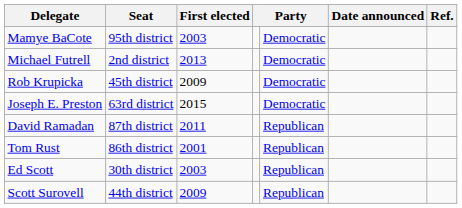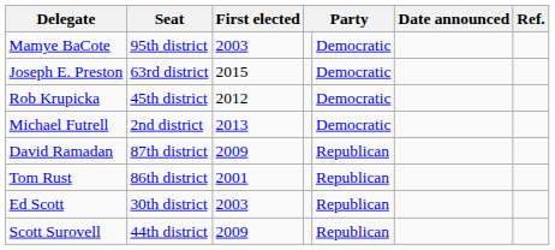 <table class="wikitable sortable" style="font-size:95%;">
 <tr>
 <th scope="col">Delegate</th>
 <th scope="col">Seat</th>
 <th scope="col">First elected</th>
 <th colspan="2" scope="col">Party</th>
 <th scope="col">Date announced</th>
 <th class="unsortable">Ref.</th>
 </tr>
 <tr>
 <td data-sort-value="BaCote, Mamye"><a href='#'>Mamye BaCote</a></td>
 <td data-sort-value="95"><a href='#'>95th district</a></td>
 <td><a href='#'>2003</a></td>
 <td width="1"></td>
 <td><a href='#'>Democratic</a></td>
 <td></td>
 <td></td>
 </tr>
 <tr>
+<td data-sort-value="Preston, Joseph E."><a href='#'>Joseph E. Preston</a></td>
+<td data-sort-value="63"><a href='#'>63rd district</a></td>
+<td>2015</td>
+<td width="1"></td>
+<td><a href='#'>Democratic</a></td>
+<td></td>
+<td></td>
+</tr>
+<tr>
+<td data-sort-value="Krupicka, Rob"><a href='#'>Rob Krupicka</a></td>
+<td data-sort-value="45"><a href='#'>45th district</a></td>
+<td>2012</td>
+<td width="1"></td>
+<td><a href='#'>Democratic</a></td>
+<td></td>
+<td></td>
+</tr>
+<tr>
 <td data-sort-value="Futrell, Michael"><a href='#'>Michael Futrell</a></td>
 <td data-sort-value="2"><a href='#'>2nd district</a></td>
 <td><a href='#'>2013</a></td>
 <td width="1"></td>
 <td><a href='#'>Democratic</a></td>
 <td></td>
 <td></td>
 </tr>
 <tr>
-<td data-sort-value="Krupicka, Rob"><a href='#'>Rob Krupicka</a></td>
-<td data-sort-value="45"><a href='#'>45th district</a></td>
-<td>2009</td>
-<td width="1"></td>
-<td><a href='#'>Democratic</a></td>
-<td></td>
-<td></td>
-</tr>
-<tr>
-<td data-sort-value="Preston, Joseph E."><a href='#'>Joseph E. Preston</a></td>
-<td data-sort-value="63"><a href='#'>63rd district</a></td>
-<td>2015</td>
-<td width="1"></td>
-<td><a href='#'>Democratic</a></td>
-<td></td>
-<td></td>
-</tr>
-<tr>
 <td data-sort-value="Ramadan, David"><a href='#'>David Ramadan</a></td>
 <td data-sort-value="67"><a href='#'>87th district</a></td>
-<td><a href='#'>2011</a></td>
+<td><a href='#'>2009</a></td>
 <td width="1"></td>
 <td><a href='#'>Republican</a></td>
 <td></td>
 <td></td>
 </tr>
 <tr>
 <td data-sort-value="Rust, Tom"><a href='#'>Tom Rust</a></td>
 <td data-sort-value="86"><a href='#'>86th district</a></td>
 <td><a href='#'>2001</a></td>
 <td width="1"></td>
 <td><a href='#'>Republican</a></td>
 <td></td>
 <td></td>
 </tr>
 <tr>
 <td data-sort-value="Scott, Ed"><a href='#'>Ed Scott</a></td>
 <td data-sort-value="30"><a href='#'>30th district</a></td>
 <td><a href='#'>2003</a></td>
 <td width="1"></td>
 <td><a href='#'>Republican</a></td>
 <td></td>
 <td></td>
 </tr>
 <tr>
 <td data-sort-value="Surovell, Scott"><a href='#'>Scott Surovell</a></td>
 <td data-sort-value="44"><a href='#'>44th district</a></td>
 <td><a href='#'>2009</a></td>
 <td width="1"></td>
 <td><a href='#'>Republican</a></td>
 <td></td>
 <td></td>
 </tr>
 </table>
